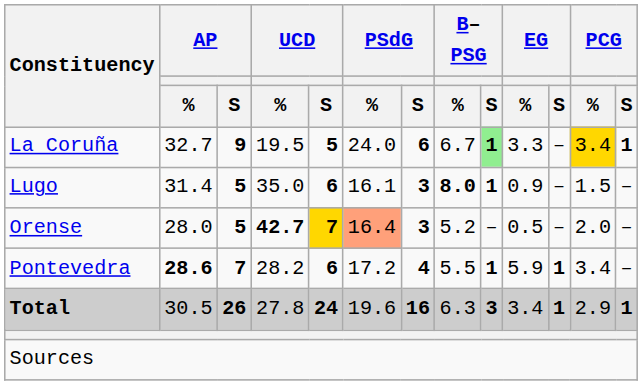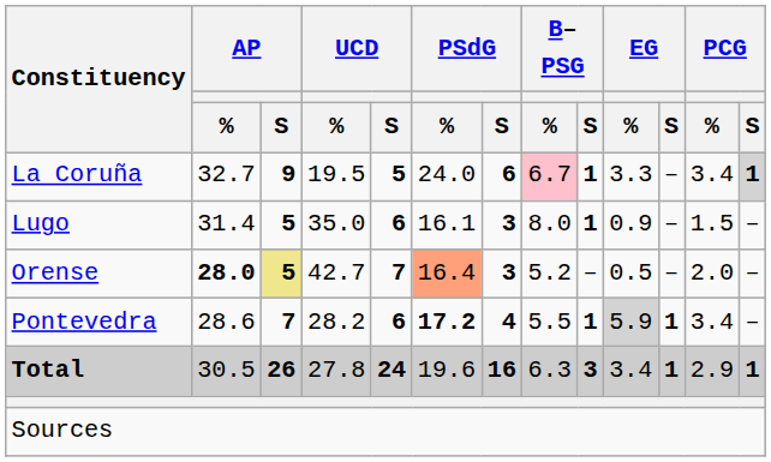 <table class="wikitable sortable" style="text-align:right; line-height:20px;">
 <tr>
 <th rowspan="3">Constituency</th>
 <th colspan="2" width="30px" class="unsortable"><a href='#'>AP</a></th>
 <th colspan="2" width="30px" class="unsortable"><a href='#'>UCD</a></th>
 <th colspan="2" width="30px" class="unsortable"><a href='#'>PSdG</a></th>
 <th colspan="2" width="30px" class="unsortable"><a href='#'>B</a>–<a href='#'>PSG</a></th>
 <th colspan="2" width="30px" class="unsortable"><a href='#'>EG</a></th>
 <th colspan="2" width="30px" class="unsortable"><a href='#'>PCG</a></th>
 </tr>
 <tr>
 <th colspan="2" style="background:"></th>
 <th colspan="2" style="background:"></th>
 <th colspan="2" style="background:"></th>
 <th colspan="2" style="background:"></th>
 <th colspan="2" style="background:"></th>
 <th colspan="2" style="background:"></th>
 </tr>
 <tr>
 <th data-sort-type="number">%</th>
 <th data-sort-type="number">S</th>
 <th data-sort-type="number">%</th>
 <th data-sort-type="number">S</th>
 <th data-sort-type="number">%</th>
 <th data-sort-type="number">S</th>
 <th data-sort-type="number">%</th>
 <th data-sort-type="number">S</th>
 <th data-sort-type="number">%</th>
 <th data-sort-type="number">S</th>
 <th data-sort-type="number">%</th>
 <th data-sort-type="number">S</th>
 </tr>
 <tr>
 <td align="left"><a href='#'>La Coruña</a></td>
 <td style="background:">32.7</td>
 <td><strong>9</strong></td>
 <td>19.5</td>
 <td><strong>5</strong></td>
 <td>24.0</td>
 <td><strong>6</strong></td>
-<td>6.7</td>
-<td style="background: lightgreen;"><strong>1</strong></td>
+<td style="background: pink;">6.7</td>
+<td><strong>1</strong></td>
 <td>3.3</td>
 <td>–</td>
-<td style="background: gold;">3.4</td>
-<td><strong>1</strong></td>
+<td>3.4</td>
+<td style="background: lightgrey;"><strong>1</strong></td>
 </tr>
 <tr>
 <td align="left"><a href='#'>Lugo</a></td>
 <td>31.4</td>
 <td><strong>5</strong></td>
 <td style="background:">35.0</td>
 <td><strong>6</strong></td>
 <td>16.1</td>
 <td><strong>3</strong></td>
-<td><strong>8.0</strong></td>
+<td>8.0</td>
 <td><strong>1</strong></td>
 <td>0.9</td>
 <td>–</td>
 <td>1.5</td>
 <td>–</td>
 </tr>
 <tr>
 <td align="left"><a href='#'>Orense</a></td>
-<td>28.0</td>
-<td><strong>5</strong></td>
-<td style="background:"><strong>42.7</strong></td>
-<td style="background: gold;"><strong>7</strong></td>
+<td><strong>28.0</strong></td>
+<td style="background: khaki;"><strong>5</strong></td>
+<td style="background:">42.7</td>
+<td><strong>7</strong></td>
 <td style="background: lightsalmon;">16.4</td>
 <td><strong>3</strong></td>
 <td>5.2</td>
 <td>–</td>
 <td>0.5</td>
 <td>–</td>
 <td>2.0</td>
 <td>–</td>
 </tr>
 <tr>
 <td align="left"><a href='#'>Pontevedra</a></td>
-<td style="background:"><strong>28.6</strong></td>
+<td style="background:">28.6</td>
 <td><strong>7</strong></td>
 <td>28.2</td>
 <td><strong>6</strong></td>
-<td>17.2</td>
+<td><strong>17.2</strong></td>
 <td><strong>4</strong></td>
 <td>5.5</td>
 <td><strong>1</strong></td>
-<td>5.9</td>
+<td style="background: lightgrey;">5.9</td>
 <td><strong>1</strong></td>
 <td>3.4</td>
 <td>–</td>
 </tr>
 <tr style="background:#CDCDCD;">
 <td align="left"><strong>Total</strong></td>
 <td style="background:">30.5</td>
 <td><strong>26</strong></td>
 <td>27.8</td>
 <td><strong>24</strong></td>
 <td>19.6</td>
 <td><strong>16</strong></td>
 <td>6.3</td>
 <td><strong>3</strong></td>
 <td>3.4</td>
 <td><strong>1</strong></td>
 <td>2.9</td>
 <td><strong>1</strong></td>
 </tr>
 <tr>
 <th colspan="13"></th>
 </tr>
 <tr>
 <th style="text-align:left; font-weight:normal; background:#F9F9F9" colspan="13">Sources</th>
 </tr>
 </table>
